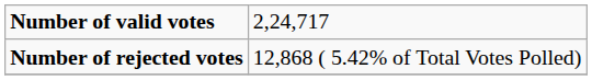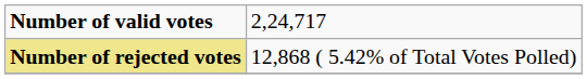 <table class="wikitable">
 <tr>
 <td><strong>Number of valid votes</strong></td>
 <td>2,24,717</td>
 </tr>
 <tr>
-<td><strong>Number of rejected votes</strong></td>
+<td style="background: khaki;"><strong>Number of rejected votes</strong></td>
 <td>12,868 ( 5.42% of Total Votes Polled)</td>
 </tr>
 <tr>
 </tr>
 </table>
